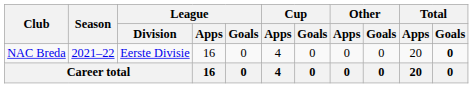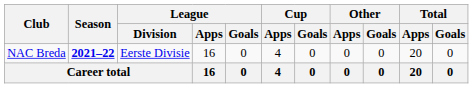 <table class="wikitable" style="text-align:center">
 <tr>
 <th rowspan="2">Club</th>
 <th rowspan="2">Season</th>
 <th colspan="3">League</th>
 <th colspan="2">Cup</th>
 <th colspan="2">Other</th>
 <th colspan="2">Total</th>
 </tr>
 <tr>
 <th>Division</th>
 <th>Apps</th>
 <th>Goals</th>
 <th>Apps</th>
 <th>Goals</th>
 <th>Apps</th>
 <th>Goals</th>
 <th>Apps</th>
 <th>Goals</th>
 </tr>
 <tr>
 <td><a href='#'>NAC Breda</a></td>
-<td><a href='#'>2021–22</a></td>
+<td><strong><a href='#'>2021–22</a></strong></td>
 <td><a href='#'>Eerste Divisie</a></td>
 <td>16</td>
 <td>0</td>
 <td>4</td>
 <td>0</td>
 <td>0</td>
 <td>0</td>
 <td>20</td>
-<td><strong>0</strong></td>
+<td>0</td>
 </tr>
 <tr>
 <th colspan="3">Career total</th>
 <th>16</th>
 <th>0</th>
 <th>4</th>
 <th>0</th>
 <th>0</th>
 <th>0</th>
 <th>20</th>
 <th>0</th>
 </tr>
 </table>
